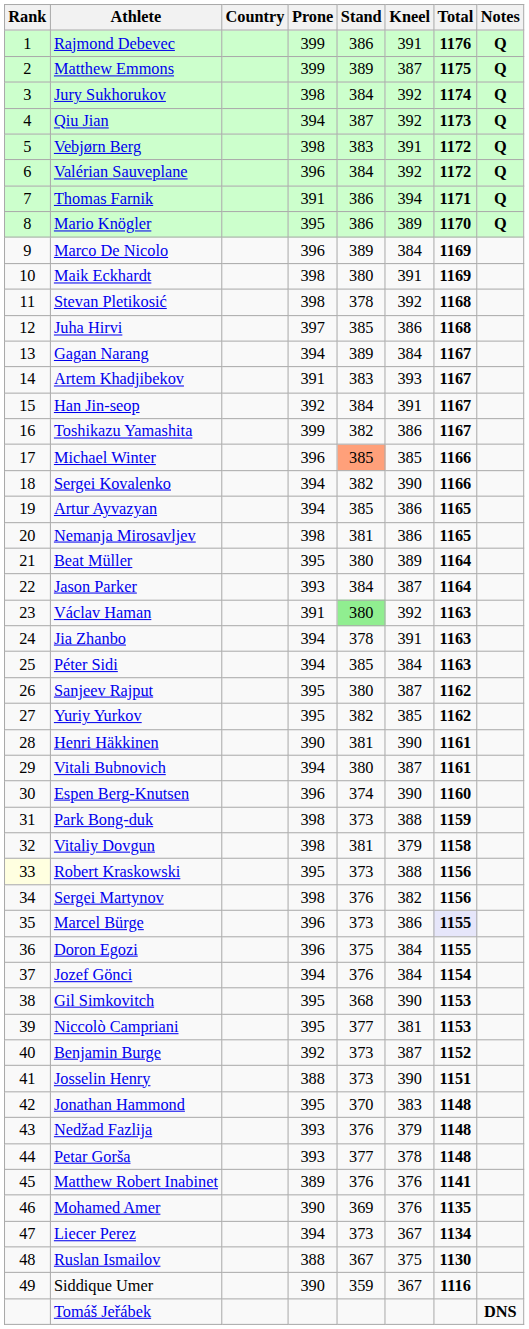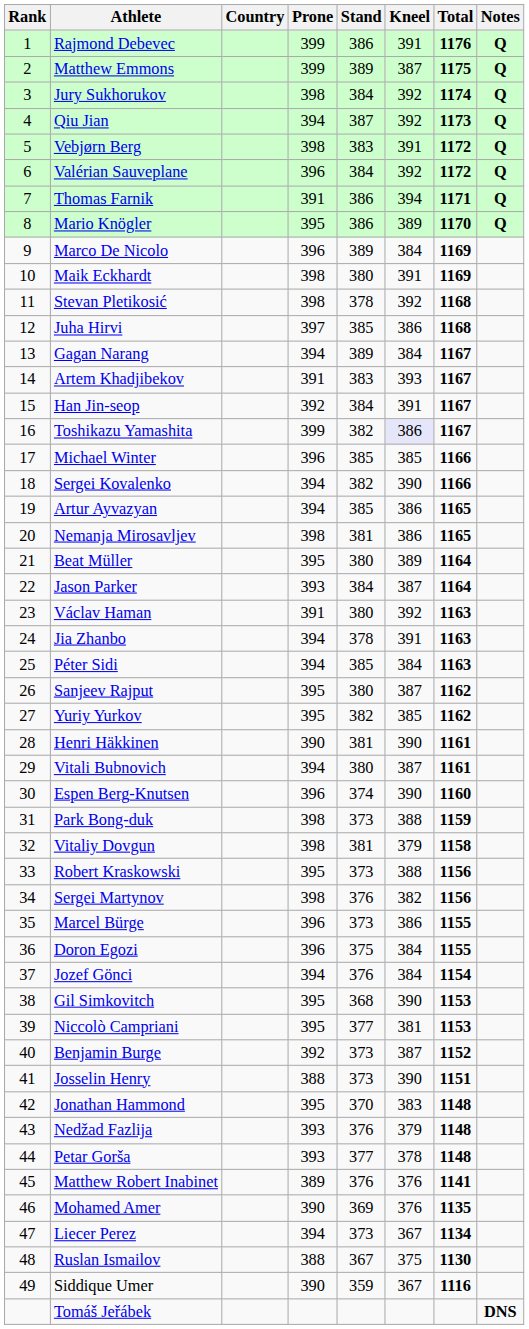 <table class="wikitable sortable" style="text-align:center">
 <tr>
 <th>Rank</th>
 <th>Athlete</th>
 <th>Country</th>
 <th>Prone</th>
 <th>Stand</th>
 <th>Kneel</th>
 <th>Total</th>
 <th>Notes</th>
 </tr>
 <tr bgcolor=#ccffcc>
 <td>1</td>
 <td align="left"><a href='#'>Rajmond Debevec</a></td>
 <td align="left"></td>
 <td>399</td>
 <td>386</td>
 <td>391</td>
 <td><strong>1176</strong></td>
 <td><strong>Q</strong></td>
 </tr>
 <tr bgcolor=#ccffcc>
 <td>2</td>
 <td align="left"><a href='#'>Matthew Emmons</a></td>
 <td align="left"></td>
 <td>399</td>
 <td>389</td>
 <td>387</td>
 <td><strong>1175</strong></td>
 <td><strong>Q</strong></td>
 </tr>
 <tr bgcolor=#ccffcc>
 <td>3</td>
 <td align="left"><a href='#'>Jury Sukhorukov</a></td>
 <td align="left"></td>
 <td>398</td>
 <td>384</td>
 <td>392</td>
 <td><strong>1174</strong></td>
 <td><strong>Q</strong></td>
 </tr>
 <tr bgcolor=#ccffcc>
 <td>4</td>
 <td align="left"><a href='#'>Qiu Jian</a></td>
 <td align="left"></td>
 <td>394</td>
 <td>387</td>
 <td>392</td>
 <td><strong>1173</strong></td>
 <td><strong>Q</strong></td>
 </tr>
 <tr bgcolor=#ccffcc>
 <td>5</td>
 <td align="left"><a href='#'>Vebjørn Berg</a></td>
 <td align="left"></td>
 <td>398</td>
 <td>383</td>
 <td>391</td>
 <td><strong>1172</strong></td>
 <td><strong>Q</strong></td>
 </tr>
 <tr bgcolor=#ccffcc>
 <td>6</td>
 <td align="left"><a href='#'>Valérian Sauveplane</a></td>
 <td align="left"></td>
 <td>396</td>
 <td>384</td>
 <td>392</td>
 <td><strong>1172</strong></td>
 <td><strong>Q</strong></td>
 </tr>
 <tr bgcolor=#ccffcc>
 <td>7</td>
 <td align="left"><a href='#'>Thomas Farnik</a></td>
 <td align="left"></td>
 <td>391</td>
 <td>386</td>
 <td>394</td>
 <td><strong>1171</strong></td>
 <td><strong>Q</strong></td>
 </tr>
 <tr bgcolor=#ccffcc>
 <td>8</td>
 <td align="left"><a href='#'>Mario Knögler</a></td>
 <td align="left"></td>
 <td>395</td>
 <td>386</td>
 <td>389</td>
 <td><strong>1170</strong></td>
 <td><strong>Q</strong></td>
 </tr>
 <tr>
 <td>9</td>
 <td align="left"><a href='#'>Marco De Nicolo</a></td>
 <td align="left"></td>
 <td>396</td>
 <td>389</td>
 <td>384</td>
 <td><strong>1169</strong></td>
 <td></td>
 </tr>
 <tr>
 <td>10</td>
 <td align="left"><a href='#'>Maik Eckhardt</a></td>
 <td align="left"></td>
 <td>398</td>
 <td>380</td>
 <td>391</td>
 <td><strong>1169</strong></td>
 <td></td>
 </tr>
 <tr>
 <td>11</td>
 <td align="left"><a href='#'>Stevan Pletikosić</a></td>
 <td align="left"></td>
 <td>398</td>
 <td>378</td>
 <td>392</td>
 <td><strong>1168</strong></td>
 <td></td>
 </tr>
 <tr>
 <td>12</td>
 <td align="left"><a href='#'>Juha Hirvi</a></td>
 <td align="left"></td>
 <td>397</td>
 <td>385</td>
 <td>386</td>
 <td><strong>1168</strong></td>
 <td></td>
 </tr>
 <tr>
 <td>13</td>
 <td align="left"><a href='#'>Gagan Narang</a></td>
 <td align="left"></td>
 <td>394</td>
 <td>389</td>
 <td>384</td>
 <td><strong>1167</strong></td>
 <td></td>
 </tr>
 <tr>
 <td>14</td>
 <td align="left"><a href='#'>Artem Khadjibekov</a></td>
 <td align="left"></td>
 <td>391</td>
 <td>383</td>
 <td>393</td>
 <td><strong>1167</strong></td>
 <td></td>
 </tr>
 <tr>
 <td>15</td>
 <td align="left"><a href='#'>Han Jin-seop</a></td>
 <td align="left"></td>
 <td>392</td>
 <td>384</td>
 <td>391</td>
 <td><strong>1167</strong></td>
 <td></td>
 </tr>
 <tr>
 <td>16</td>
 <td align="left"><a href='#'>Toshikazu Yamashita</a></td>
 <td align="left"></td>
 <td>399</td>
 <td>382</td>
-<td>386</td>
+<td style="background: lavender;">386</td>
 <td><strong>1167</strong></td>
 <td></td>
 </tr>
 <tr>
 <td>17</td>
 <td align="left"><a href='#'>Michael Winter</a></td>
 <td align="left"></td>
 <td>396</td>
-<td style="background: lightsalmon;">385</td>
+<td>385</td>
 <td>385</td>
 <td><strong>1166</strong></td>
 <td></td>
 </tr>
 <tr>
 <td>18</td>
 <td align="left"><a href='#'>Sergei Kovalenko</a></td>
 <td align="left"></td>
 <td>394</td>
 <td>382</td>
 <td>390</td>
 <td><strong>1166</strong></td>
 <td></td>
 </tr>
 <tr>
 <td>19</td>
 <td align="left"><a href='#'>Artur Ayvazyan</a></td>
 <td align="left"></td>
 <td>394</td>
 <td>385</td>
 <td>386</td>
 <td><strong>1165</strong></td>
 <td></td>
 </tr>
 <tr>
 <td>20</td>
 <td align="left"><a href='#'>Nemanja Mirosavljev</a></td>
 <td align="left"></td>
 <td>398</td>
 <td>381</td>
 <td>386</td>
 <td><strong>1165</strong></td>
 <td></td>
 </tr>
 <tr>
 <td>21</td>
 <td align="left"><a href='#'>Beat Müller</a></td>
 <td align="left"></td>
 <td>395</td>
 <td>380</td>
 <td>389</td>
 <td><strong>1164</strong></td>
 <td></td>
 </tr>
 <tr>
 <td>22</td>
 <td align="left"><a href='#'>Jason Parker</a></td>
 <td align="left"></td>
 <td>393</td>
 <td>384</td>
 <td>387</td>
 <td><strong>1164</strong></td>
 <td></td>
 </tr>
 <tr>
 <td>23</td>
 <td align="left"><a href='#'>Václav Haman</a></td>
 <td align="left"></td>
 <td>391</td>
-<td style="background: lightgreen;">380</td>
+<td>380</td>
 <td>392</td>
 <td><strong>1163</strong></td>
 <td></td>
 </tr>
 <tr>
 <td>24</td>
 <td align="left"><a href='#'>Jia Zhanbo</a></td>
 <td align="left"></td>
 <td>394</td>
 <td>378</td>
 <td>391</td>
 <td><strong>1163</strong></td>
 <td></td>
 </tr>
 <tr>
 <td>25</td>
 <td align="left"><a href='#'>Péter Sidi</a></td>
 <td align="left"></td>
 <td>394</td>
 <td>385</td>
 <td>384</td>
 <td><strong>1163</strong></td>
 <td></td>
 </tr>
 <tr>
 <td>26</td>
 <td align="left"><a href='#'>Sanjeev Rajput</a></td>
 <td align="left"></td>
 <td>395</td>
 <td>380</td>
 <td>387</td>
 <td><strong>1162</strong></td>
 <td></td>
 </tr>
 <tr>
 <td>27</td>
 <td align="left"><a href='#'>Yuriy Yurkov</a></td>
 <td align="left"></td>
 <td>395</td>
 <td>382</td>
 <td>385</td>
 <td><strong>1162</strong></td>
 <td></td>
 </tr>
 <tr>
 <td>28</td>
 <td align="left"><a href='#'>Henri Häkkinen</a></td>
 <td align="left"></td>
 <td>390</td>
 <td>381</td>
 <td>390</td>
 <td><strong>1161</strong></td>
 <td></td>
 </tr>
 <tr>
 <td>29</td>
 <td align="left"><a href='#'>Vitali Bubnovich</a></td>
 <td align="left"></td>
 <td>394</td>
 <td>380</td>
 <td>387</td>
 <td><strong>1161</strong></td>
 <td></td>
 </tr>
 <tr>
 <td>30</td>
 <td align="left"><a href='#'>Espen Berg-Knutsen</a></td>
 <td align="left"></td>
 <td>396</td>
 <td>374</td>
 <td>390</td>
 <td><strong>1160</strong></td>
 <td></td>
 </tr>
 <tr>
 <td>31</td>
 <td align="left"><a href='#'>Park Bong-duk</a></td>
 <td align="left"></td>
 <td>398</td>
 <td>373</td>
 <td>388</td>
 <td><strong>1159</strong></td>
 <td></td>
 </tr>
 <tr>
 <td>32</td>
 <td align="left"><a href='#'>Vitaliy Dovgun</a></td>
 <td align="left"></td>
 <td>398</td>
 <td>381</td>
 <td>379</td>
 <td><strong>1158</strong></td>
 <td></td>
 </tr>
 <tr>
-<td style="background: lightyellow;">33</td>
+<td>33</td>
 <td align="left"><a href='#'>Robert Kraskowski</a></td>
 <td align="left"></td>
 <td>395</td>
 <td>373</td>
 <td>388</td>
 <td><strong>1156</strong></td>
 <td></td>
 </tr>
 <tr>
 <td>34</td>
 <td align="left"><a href='#'>Sergei Martynov</a></td>
 <td align="left"></td>
 <td>398</td>
 <td>376</td>
 <td>382</td>
 <td><strong>1156</strong></td>
 <td></td>
 </tr>
 <tr>
 <td>35</td>
 <td align="left"><a href='#'>Marcel Bürge</a></td>
 <td align="left"></td>
 <td>396</td>
 <td>373</td>
 <td>386</td>
-<td style="background: lavender;"><strong>1155</strong></td>
+<td><strong>1155</strong></td>
 <td></td>
 </tr>
 <tr>
 <td>36</td>
 <td align="left"><a href='#'>Doron Egozi</a></td>
 <td align="left"></td>
 <td>396</td>
 <td>375</td>
 <td>384</td>
 <td><strong>1155</strong></td>
 <td></td>
 </tr>
 <tr>
 <td>37</td>
 <td align="left"><a href='#'>Jozef Gönci</a></td>
 <td align="left"></td>
 <td>394</td>
 <td>376</td>
 <td>384</td>
 <td><strong>1154</strong></td>
 <td></td>
 </tr>
 <tr>
 <td>38</td>
 <td align="left"><a href='#'>Gil Simkovitch</a></td>
 <td align="left"></td>
 <td>395</td>
 <td>368</td>
 <td>390</td>
 <td><strong>1153</strong></td>
 <td></td>
 </tr>
 <tr>
 <td>39</td>
 <td align="left"><a href='#'>Niccolò Campriani</a></td>
 <td align="left"></td>
 <td>395</td>
 <td>377</td>
 <td>381</td>
 <td><strong>1153</strong></td>
 <td></td>
 </tr>
 <tr>
 <td>40</td>
 <td align="left"><a href='#'>Benjamin Burge</a></td>
 <td align="left"></td>
 <td>392</td>
 <td>373</td>
 <td>387</td>
 <td><strong>1152</strong></td>
 <td></td>
 </tr>
 <tr>
 <td>41</td>
 <td align="left"><a href='#'>Josselin Henry</a></td>
 <td align="left"></td>
 <td>388</td>
 <td>373</td>
 <td>390</td>
 <td><strong>1151</strong></td>
 <td></td>
 </tr>
 <tr>
 <td>42</td>
 <td align="left"><a href='#'>Jonathan Hammond</a></td>
 <td align="left"></td>
 <td>395</td>
 <td>370</td>
 <td>383</td>
 <td><strong>1148</strong></td>
 <td></td>
 </tr>
 <tr>
 <td>43</td>
 <td align="left"><a href='#'>Nedžad Fazlija</a></td>
 <td align="left"></td>
 <td>393</td>
 <td>376</td>
 <td>379</td>
 <td><strong>1148</strong></td>
 <td></td>
 </tr>
 <tr>
 <td>44</td>
 <td align="left"><a href='#'>Petar Gorša</a></td>
 <td align="left"></td>
 <td>393</td>
 <td>377</td>
 <td>378</td>
 <td><strong>1148</strong></td>
 <td></td>
 </tr>
 <tr>
 <td>45</td>
 <td align="left"><a href='#'>Matthew Robert Inabinet</a></td>
 <td align="left"></td>
 <td>389</td>
 <td>376</td>
 <td>376</td>
 <td><strong>1141</strong></td>
 <td></td>
 </tr>
 <tr>
 <td>46</td>
 <td align="left"><a href='#'>Mohamed Amer</a></td>
 <td align="left"></td>
 <td>390</td>
 <td>369</td>
 <td>376</td>
 <td><strong>1135</strong></td>
 <td></td>
 </tr>
 <tr>
 <td>47</td>
 <td align="left"><a href='#'>Liecer Perez</a></td>
 <td align="left"></td>
 <td>394</td>
 <td>373</td>
 <td>367</td>
 <td><strong>1134</strong></td>
 <td></td>
 </tr>
 <tr>
 <td>48</td>
 <td align="left"><a href='#'>Ruslan Ismailov</a></td>
 <td align="left"></td>
 <td>388</td>
 <td>367</td>
 <td>375</td>
 <td><strong>1130</strong></td>
 <td></td>
 </tr>
 <tr>
 <td>49</td>
 <td align="left">Siddique Umer</td>
 <td align="left"></td>
 <td>390</td>
 <td>359</td>
 <td>367</td>
 <td><strong>1116</strong></td>
 <td></td>
 </tr>
 <tr>
 <td></td>
 <td align="left"><a href='#'>Tomáš Jeřábek</a></td>
 <td align="left"></td>
 <td></td>
 <td></td>
 <td></td>
 <td></td>
 <td><strong>DNS</strong></td>
 </tr>
 </table>
